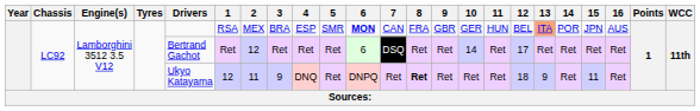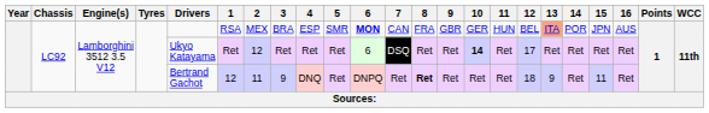 <table class="wikitable" style="text-align:center; font-size:85%">
 <tr>
 <th>Year</th>
 <th>Chassis</th>
 <th>Engine(s)</th>
 <th>Tyres</th>
 <th>Drivers</th>
 <th>1</th>
 <th>2</th>
 <th>3</th>
 <th>4</th>
 <th>5</th>
 <th>6</th>
 <th>7</th>
 <th>8</th>
 <th>9</th>
 <th>10</th>
 <th>11</th>
 <th>12</th>
 <th>13</th>
 <th>14</th>
 <th>15</th>
 <th>16</th>
 <th>Points</th>
 <th>WCC</th>
 </tr>
 <tr>
 <th rowspan="3"></th>
 <td rowspan="3"><a href='#'>LC92</a></td>
 <td rowspan="3"><a href='#'>Lamborghini</a> 3512 3.5 <a href='#'>V12</a></td>
 <td rowspan="3"></td>
 <td></td>
 <td><a href='#'>RSA</a></td>
 <td><a href='#'>MEX</a></td>
 <td><a href='#'>BRA</a></td>
 <td><a href='#'>ESP</a></td>
 <td><a href='#'>SMR</a></td>
 <td><strong><a href='#'>MON</a></strong></td>
 <td><a href='#'>CAN</a></td>
 <td><a href='#'>FRA</a></td>
 <td><a href='#'>GBR</a></td>
 <td><a href='#'>GER</a></td>
 <td><a href='#'>HUN</a></td>
 <td><a href='#'>BEL</a></td>
 <td style="background: lightsalmon;"><a href='#'>ITA</a></td>
 <td><a href='#'>POR</a></td>
 <td><a href='#'>JPN</a></td>
 <td><a href='#'>AUS</a></td>
 <th rowspan="3">1</th>
 <th rowspan="3">11th</th>
 </tr>
 <tr>
-<td align="left"> <a href='#'>Bertrand Gachot</a></td>
+<td align="left"> <a href='#'>Ukyo Katayama</a></td>
 <td style="background:#EFCFFF;">Ret</td>
 <td style="background:#CFCFFF;">12</td>
 <td style="background:#EFCFFF;">Ret</td>
 <td style="background:#EFCFFF;">Ret</td>
 <td style="background:#EFCFFF;">Ret</td>
 <td style="background:#DFFFDF;">6</td>
 <td style="background:#000; color:white;">DSQ</td>
 <td style="background:#EFCFFF;">Ret</td>
 <td style="background:#EFCFFF;">Ret</td>
-<td style="background:#CFCFFF;">14</td>
+<td style="background:#CFCFFF;"><strong>14</strong></td>
 <td style="background:#EFCFFF;">Ret</td>
 <td style="background:#CFCFFF;">17</td>
 <td style="background:#EFCFFF;">Ret</td>
 <td style="background:#EFCFFF;">Ret</td>
 <td style="background:#EFCFFF;">Ret</td>
 <td style="background:#EFCFFF;">Ret</td>
 </tr>
 <tr>
-<td align="left"> <a href='#'>Ukyo Katayama</a></td>
+<td align="left"> <a href='#'>Bertrand Gachot</a></td>
 <td style="background:#CFCFFF;">12</td>
 <td style="background:#CFCFFF;">11</td>
 <td style="background:#CFCFFF;">9</td>
 <td style="background:#FFCFCF;">DNQ</td>
 <td style="background:#EFCFFF;">Ret</td>
 <td style="background:#FFCFCF;">DNPQ</td>
 <td style="background:#EFCFFF;">Ret</td>
 <td style="background:#EFCFFF;"><strong>Ret</strong></td>
 <td style="background:#EFCFFF;">Ret</td>
 <td style="background:#EFCFFF;">Ret</td>
 <td style="background:#EFCFFF;">Ret</td>
 <td style="background:#CFCFFF;">18</td>
 <td style="background:#CFCFFF;">9</td>
 <td style="background:#EFCFFF;">Ret</td>
 <td style="background:#CFCFFF;">11</td>
 <td style="background:#EFCFFF;">Ret</td>
 </tr>
 <tr>
 <th colspan="23">Sources:</th>
 </tr>
 </table>
